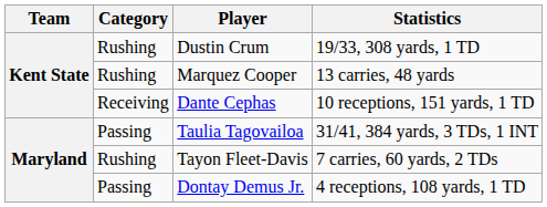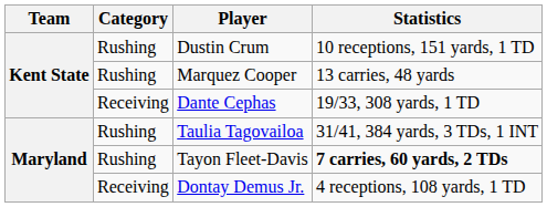 <table class="wikitable" style="float: left;">
 <tr>
 <th>Team</th>
 <th>Category</th>
 <th>Player</th>
 <th>Statistics</th>
 </tr>
 <tr>
 <th rowspan=3>Kent State</th>
 <td>Rushing</td>
 <td>Dustin Crum</td>
-<td>19/33, 308 yards, 1 TD</td>
+<td>10 receptions, 151 yards, 1 TD</td>
 </tr>
 <tr>
 <td>Rushing</td>
 <td>Marquez Cooper</td>
 <td>13 carries, 48 yards</td>
 </tr>
 <tr>
 <td>Receiving</td>
 <td><a href='#'>Dante Cephas</a></td>
-<td>10 receptions, 151 yards, 1 TD</td>
+<td>19/33, 308 yards, 1 TD</td>
 </tr>
 <tr>
 <th rowspan=3 style=>Maryland</th>
-<td>Passing</td>
+<td>Rushing</td>
 <td><a href='#'>Taulia Tagovailoa</a></td>
 <td>31/41, 384 yards, 3 TDs, 1 INT</td>
 </tr>
 <tr>
 <td>Rushing</td>
 <td>Tayon Fleet-Davis</td>
-<td>7 carries, 60 yards, 2 TDs</td>
+<td><strong>7 carries, 60 yards, 2 TDs</strong></td>
 </tr>
 <tr>
-<td>Passing</td>
+<td>Receiving</td>
 <td><a href='#'>Dontay Demus Jr.</a></td>
 <td>4 receptions, 108 yards, 1 TD</td>
 </tr>
 <tr>
 </tr>
 </table>
